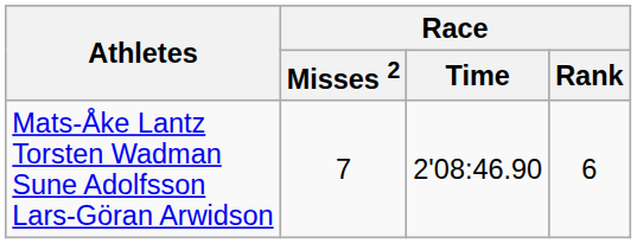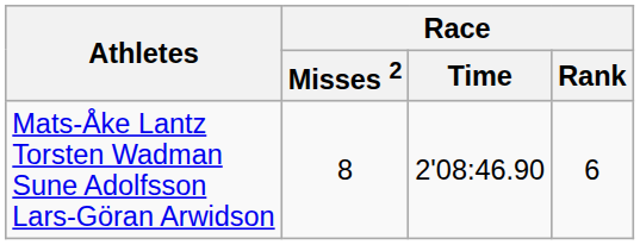 <table class="wikitable" border="1" style="font-size:90%">
 <tr>
 <th rowspan=2>Athletes</th>
 <th colspan=3>Race</th>
 </tr>
 <tr>
 <th>Misses <sup>2</sup></th>
 <th>Time</th>
 <th>Rank</th>
 </tr>
 <tr>
 <td><a href='#'>Mats-Åke Lantz</a><br><a href='#'>Torsten Wadman</a><br><a href='#'>Sune Adolfsson</a><br><a href='#'>Lars-Göran Arwidson</a></td>
-<td align=center>7</td>
+<td align=center>8</td>
 <td align=center>2'08:46.90</td>
 <td align=center>6</td>
 </tr>
 </table>
